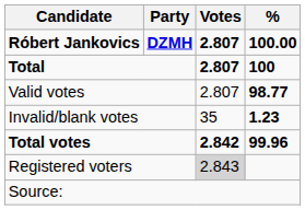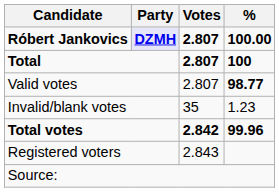 <table class="wikitable" style="text-align: left;">
 <tr>
 <th>Candidate</th>
 <th>Party</th>
 <th>Votes</th>
 <th>%</th>
 </tr>
 <tr>
 <td><strong>Róbert Jankovics</strong></td>
-<td><a href='#'><strong>DZMH</strong></a></td>
+<td style="background: lavender;"><a href='#'><strong>DZMH</strong></a></td>
 <td><strong>2.807</strong></td>
 <td><strong>100.00</strong></td>
 </tr>
 <tr>
 <td colspan="2"><strong>Total</strong></td>
 <td><strong>2.807</strong></td>
 <td><strong>100</strong></td>
 </tr>
 <tr>
 <td colspan="2">Valid votes</td>
 <td>2.807</td>
 <td><strong>98.77</strong></td>
 </tr>
 <tr>
 <td colspan="2">Invalid/blank votes</td>
 <td>35</td>
-<td><strong>1.23</strong></td>
+<td>1.23</td>
 </tr>
 <tr>
 <td colspan="2"><strong>Total votes</strong></td>
 <td><strong>2.842</strong></td>
 <td><strong>99.96</strong></td>
 </tr>
 <tr>
 <td colspan="2">Registered voters</td>
-<td style="background: lightgrey;">2.843</td>
+<td>2.843</td>
 <td></td>
 </tr>
 <tr>
 <td colspan="4">Source: </td>
 </tr>
 </table>
